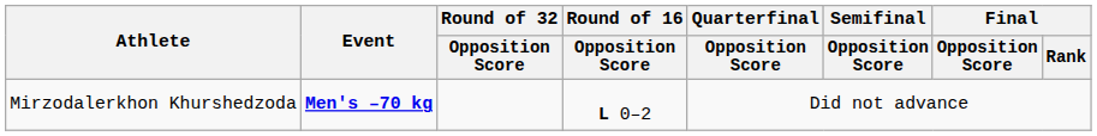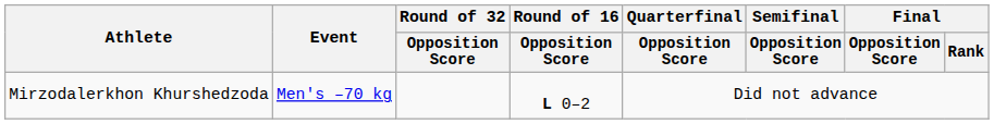 <table class=wikitable style=font-size:90%;text-align:center>
 <tr>
 <th rowspan=2>Athlete</th>
 <th rowspan=2>Event</th>
 <th>Round of 32</th>
 <th>Round of 16</th>
 <th>Quarterfinal</th>
 <th>Semifinal</th>
 <th colspan=2>Final</th>
 </tr>
 <tr style=font-size:95%>
 <th>Opposition<br>Score</th>
 <th>Opposition<br>Score</th>
 <th>Opposition<br>Score</th>
 <th>Opposition<br>Score</th>
 <th>Opposition<br>Score</th>
 <th>Rank</th>
 </tr>
 <tr>
 <td align=left>Mirzodalerkhon Khurshedzoda</td>
-<td align=left><strong><a href='#'>Men's –70 kg</a></strong></td>
+<td align=left><a href='#'>Men's –70 kg</a></td>
 <td></td>
 <td><br><strong>L</strong> 0–2</td>
 <td colspan=4>Did not advance</td>
 </tr>
 </table>
